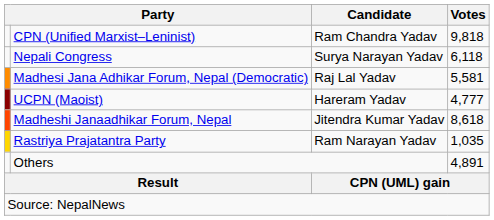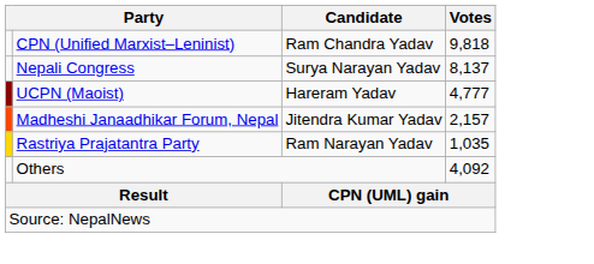 <table class="wikitable">
 <tr>
 <th colspan="2">Party</th>
 <th>Candidate</th>
 <th>Votes</th>
 </tr>
 <tr>
 <td style="background-color:"></td>
 <td><a href='#'>CPN (Unified Marxist–Leninist)</a></td>
 <td>Ram Chandra Yadav</td>
 <td>9,818</td>
 </tr>
 <tr>
 <td style="background-color:"></td>
 <td><a href='#'>Nepali Congress</a></td>
 <td>Surya Narayan Yadav</td>
-<td>6,118</td>
-</tr>
-<tr>
-<td style="background-color:darkorange"></td>
-<td><a href='#'>Madhesi Jana Adhikar Forum, Nepal (Democratic)</a></td>
-<td>Raj Lal Yadav</td>
-<td>5,581</td>
+<td>8,137</td>
 </tr>
 <tr>
 <td style="background-color:darkred"></td>
 <td><a href='#'>UCPN (Maoist)</a></td>
 <td>Hareram Yadav</td>
 <td>4,777</td>
 </tr>
 <tr>
 <td style="background-color:orangered"></td>
 <td><a href='#'>Madheshi Janaadhikar Forum, Nepal</a></td>
 <td>Jitendra Kumar Yadav</td>
-<td>8,618</td>
+<td>2,157</td>
 </tr>
 <tr>
 <td style="background-color:gold"></td>
 <td><a href='#'>Rastriya Prajatantra Party</a></td>
 <td>Ram Narayan Yadav</td>
 <td>1,035</td>
 </tr>
 <tr>
 <td></td>
 <td colspan="2">Others</td>
-<td>4,891</td>
+<td>4,092</td>
 </tr>
 <tr>
 <th colspan="2">Result</th>
 <th colspan="2">CPN (UML) gain</th>
 </tr>
 <tr>
 <td colspan="4">Source: NepalNews</td>
 </tr>
 </table>
